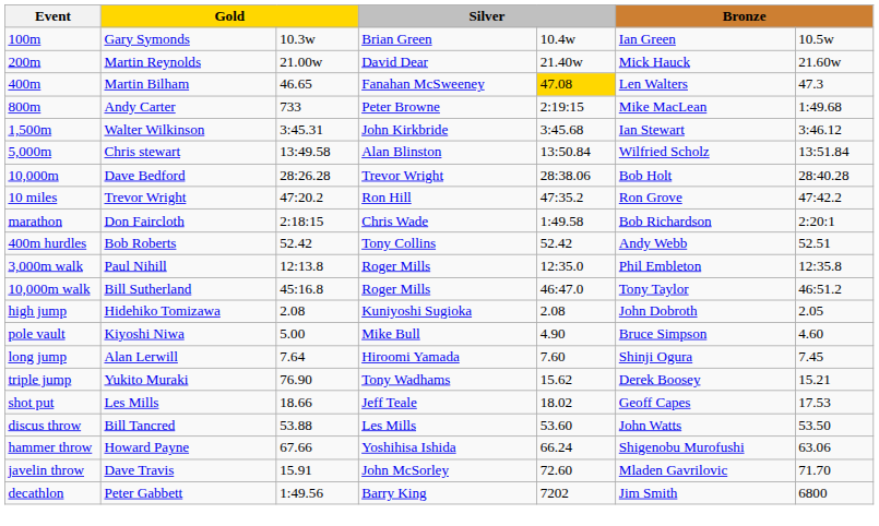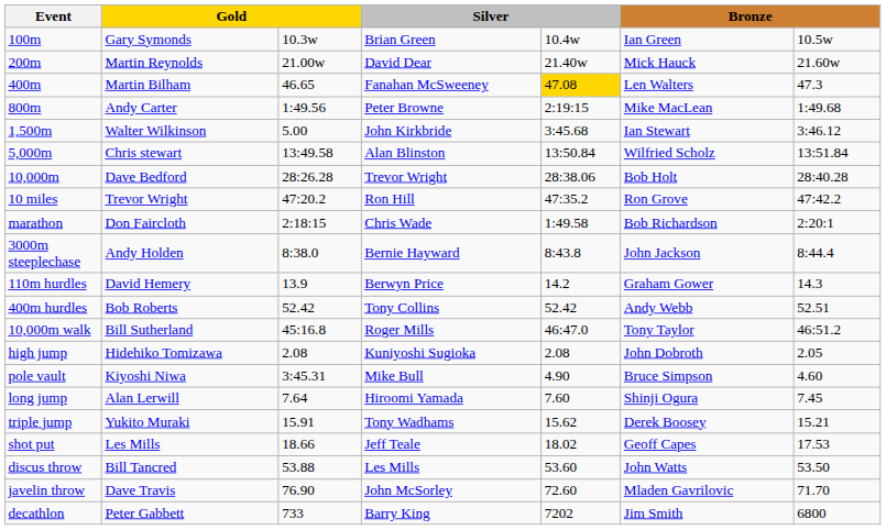 <table class="wikitable" style="text-align:left">
 <tr>
 <th width=100>Event</th>
 <th colspan="2" width="280" style="background:gold;">Gold</th>
 <th colspan="2" width="280" style="background:silver;">Silver</th>
 <th colspan="2" width="280" style="background:#CD7F32;">Bronze</th>
 </tr>
 <tr>
 <td><a href='#'>100m</a></td>
 <td> <a href='#'>Gary Symonds</a></td>
 <td>10.3w</td>
 <td><a href='#'>Brian Green</a></td>
 <td>10.4w</td>
 <td><a href='#'>Ian Green</a></td>
 <td>10.5w</td>
 </tr>
 <tr>
 <td><a href='#'>200m</a></td>
 <td><a href='#'>Martin Reynolds</a></td>
 <td>21.00w</td>
 <td><a href='#'>David Dear</a></td>
 <td>21.40w</td>
 <td><a href='#'>Mick Hauck</a></td>
 <td>21.60w</td>
 </tr>
 <tr>
 <td><a href='#'>400m</a></td>
 <td><a href='#'>Martin Bilham</a></td>
 <td>46.65</td>
 <td> <a href='#'>Fanahan McSweeney</a></td>
 <td style="background: gold;">47.08</td>
 <td><a href='#'>Len Walters</a></td>
 <td>47.3</td>
 </tr>
 <tr>
 <td><a href='#'>800m</a></td>
 <td><a href='#'>Andy Carter</a></td>
-<td>733</td>
+<td>1:49.56</td>
 <td><a href='#'>Peter Browne</a></td>
 <td>2:19:15</td>
 <td> <a href='#'>Mike MacLean</a></td>
 <td>1:49.68</td>
 </tr>
 <tr>
 <td><a href='#'>1,500m</a></td>
 <td><a href='#'>Walter Wilkinson</a></td>
-<td>3:45.31</td>
+<td>5.00</td>
 <td><a href='#'>John Kirkbride</a></td>
 <td>3:45.68</td>
 <td> <a href='#'>Ian Stewart</a></td>
 <td>3:46.12</td>
 </tr>
 <tr>
 <td><a href='#'>5,000m</a></td>
 <td><a href='#'>Chris stewart</a></td>
 <td>13:49.58</td>
 <td><a href='#'>Alan Blinston</a></td>
 <td>13:50.84</td>
 <td> <a href='#'>Wilfried Scholz</a></td>
 <td>13:51.84</td>
 </tr>
 <tr>
 <td><a href='#'>10,000m</a></td>
 <td><a href='#'>Dave Bedford</a></td>
 <td>28:26.28</td>
 <td><a href='#'>Trevor Wright</a></td>
 <td>28:38.06</td>
 <td><a href='#'>Bob Holt</a></td>
 <td>28:40.28</td>
 </tr>
 <tr>
 <td><a href='#'>10 miles</a></td>
 <td><a href='#'>Trevor Wright</a></td>
 <td>47:20.2</td>
 <td><a href='#'>Ron Hill</a></td>
 <td>47:35.2</td>
 <td><a href='#'>Ron Grove</a></td>
 <td>47:42.2</td>
 </tr>
 <tr>
 <td><a href='#'>marathon</a></td>
 <td><a href='#'>Don Faircloth</a></td>
 <td>2:18:15</td>
 <td><a href='#'>Chris Wade</a></td>
 <td>1:49.58</td>
 <td><a href='#'>Bob Richardson</a></td>
 <td>2:20:1</td>
 </tr>
 <tr>
+<td><a href='#'>3000m steeplechase</a></td>
+<td><a href='#'>Andy Holden</a></td>
+<td>8:38.0</td>
+<td><a href='#'>Bernie Hayward</a></td>
+<td>8:43.8</td>
+<td><a href='#'>John Jackson</a></td>
+<td>8:44.4</td>
+</tr>
+<tr>
+<td><a href='#'>110m hurdles</a></td>
+<td><a href='#'>David Hemery</a></td>
+<td>13.9</td>
+<td> <a href='#'>Berwyn Price</a></td>
+<td>14.2</td>
+<td><a href='#'>Graham Gower</a></td>
+<td>14.3</td>
+</tr>
+<tr>
 <td><a href='#'>400m hurdles</a></td>
 <td><a href='#'>Bob Roberts</a></td>
 <td>52.42</td>
 <td><a href='#'>Tony Collins</a></td>
 <td>52.42</td>
 <td><a href='#'>Andy Webb</a></td>
 <td>52.51</td>
-</tr>
-<tr>
-<td><a href='#'>3,000m walk</a></td>
-<td><a href='#'>Paul Nihill</a></td>
-<td>12:13.8</td>
-<td><a href='#'>Roger Mills</a></td>
-<td>12:35.0</td>
-<td><a href='#'>Phil Embleton</a></td>
-<td>12:35.8</td>
 </tr>
 <tr>
 <td><a href='#'>10,000m walk</a></td>
 <td> <a href='#'>Bill Sutherland</a></td>
 <td>45:16.8</td>
 <td><a href='#'>Roger Mills</a></td>
 <td>46:47.0</td>
 <td><a href='#'>Tony Taylor</a></td>
 <td>46:51.2</td>
 </tr>
 <tr>
 <td><a href='#'>high jump</a></td>
 <td> <a href='#'>Hidehiko Tomizawa</a></td>
 <td>2.08</td>
 <td> <a href='#'>Kuniyoshi Sugioka</a></td>
 <td>2.08</td>
 <td> <a href='#'>John Dobroth</a></td>
 <td>2.05</td>
 </tr>
 <tr>
 <td><a href='#'>pole vault</a></td>
 <td> <a href='#'>Kiyoshi Niwa</a></td>
-<td>5.00</td>
+<td>3:45.31</td>
 <td><a href='#'>Mike Bull</a></td>
 <td>4.90</td>
 <td> <a href='#'>Bruce Simpson</a></td>
 <td>4.60</td>
 </tr>
 <tr>
 <td><a href='#'>long jump</a></td>
 <td><a href='#'>Alan Lerwill</a></td>
 <td>7.64</td>
 <td> <a href='#'>Hiroomi Yamada</a></td>
 <td>7.60</td>
 <td> <a href='#'>Shinji Ogura</a></td>
 <td>7.45</td>
 </tr>
 <tr>
 <td><a href='#'>triple jump</a></td>
 <td> <a href='#'>Yukito Muraki</a></td>
-<td>76.90</td>
+<td>15.91</td>
 <td><a href='#'>Tony Wadhams</a></td>
 <td>15.62</td>
 <td><a href='#'>Derek Boosey</a></td>
 <td>15.21</td>
 </tr>
 <tr>
 <td><a href='#'>shot put</a></td>
 <td> <a href='#'>Les Mills</a></td>
 <td>18.66</td>
 <td><a href='#'>Jeff Teale</a></td>
 <td>18.02</td>
 <td><a href='#'>Geoff Capes</a></td>
 <td>17.53</td>
 </tr>
 <tr>
 <td><a href='#'>discus throw</a></td>
 <td><a href='#'>Bill Tancred</a></td>
 <td>53.88</td>
 <td> <a href='#'>Les Mills</a></td>
 <td>53.60</td>
 <td><a href='#'>John Watts</a></td>
 <td>53.50</td>
 </tr>
 <tr>
-<td><a href='#'>hammer throw</a></td>
-<td><a href='#'>Howard Payne</a></td>
-<td>67.66</td>
-<td> <a href='#'>Yoshihisa Ishida</a></td>
-<td>66.24</td>
-<td> <a href='#'>Shigenobu Murofushi</a></td>
-<td>63.06</td>
-</tr>
-<tr>
 <td><a href='#'>javelin throw</a></td>
 <td><a href='#'>Dave Travis</a></td>
-<td>15.91</td>
+<td>76.90</td>
 <td><a href='#'>John McSorley</a></td>
 <td>72.60</td>
 <td><a href='#'>Mladen Gavrilovic</a></td>
 <td>71.70</td>
 </tr>
 <tr>
 <td><a href='#'>decathlon</a></td>
 <td><a href='#'>Peter Gabbett</a></td>
-<td>1:49.56</td>
+<td>733</td>
 <td><a href='#'>Barry King</a></td>
 <td>7202</td>
 <td><a href='#'>Jim Smith</a></td>
 <td>6800</td>
 </tr>
 </table>
